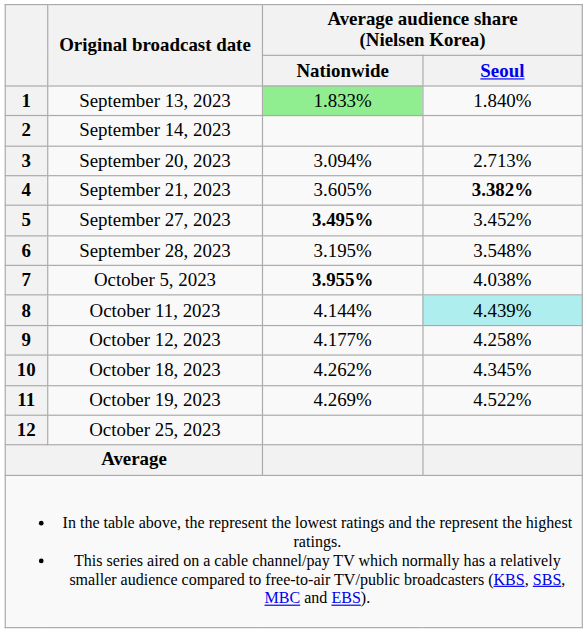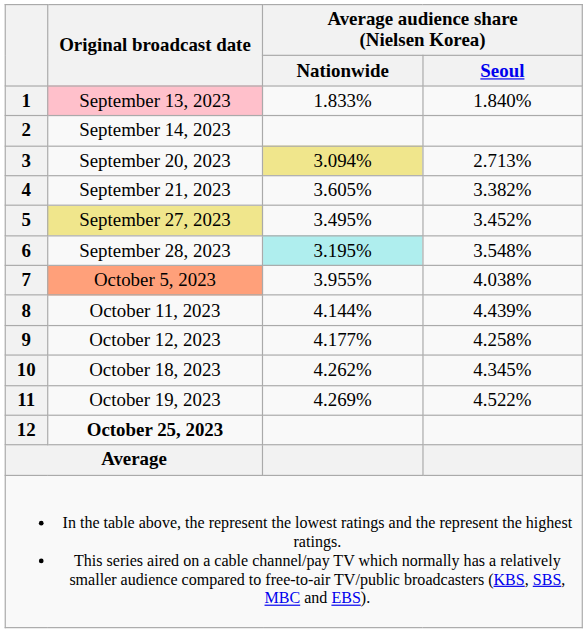 <table class="wikitable" style="margin-left:auto; margin-right:auto; width:490px; text-align:center">
 <tr>
 <th scope="col" rowspan="2"></th>
 <th scope="col" rowspan="2">Original broadcast date</th>
 <th scope="col" colspan="2">Average audience share<br>(Nielsen Korea)</th>
 </tr>
 <tr>
 <th scope="col" style="width:8em">Nationwide</th>
 <th scope="col" style="width:8em"><a href='#'>Seoul</a></th>
 </tr>
 <tr>
 <th scope="row">1</th>
-<td>September 13, 2023</td>
-<td style="background: lightgreen;">1.833% </td>
+<td style="background: pink;">September 13, 2023</td>
+<td>1.833% </td>
 <td>1.840% </td>
 </tr>
 <tr>
 <th scope="row">2</th>
 <td>September 14, 2023</td>
 <td><strong></strong> </td>
 <td><strong></strong> </td>
 </tr>
 <tr>
 <th scope="row">3</th>
 <td>September 20, 2023</td>
-<td>3.094% </td>
+<td style="background: khaki;">3.094% </td>
 <td>2.713% </td>
 </tr>
 <tr>
 <th scope="row">4</th>
 <td>September 21, 2023</td>
 <td>3.605% </td>
-<td><strong>3.382% </strong></td>
+<td>3.382% </td>
 </tr>
 <tr>
 <th scope="row">5</th>
-<td>September 27, 2023</td>
-<td><strong>3.495% </strong></td>
+<td style="background: khaki;">September 27, 2023</td>
+<td>3.495% </td>
 <td>3.452% </td>
 </tr>
 <tr>
 <th scope="row">6</th>
 <td>September 28, 2023</td>
-<td>3.195% </td>
+<td style="background: paleturquoise;">3.195% </td>
 <td>3.548% </td>
 </tr>
 <tr>
 <th scope="row">7</th>
-<td>October 5, 2023</td>
-<td><strong>3.955% </strong></td>
+<td style="background: lightsalmon;">October 5, 2023</td>
+<td>3.955% </td>
 <td>4.038% </td>
 </tr>
 <tr>
 <th scope="row">8</th>
 <td>October 11, 2023</td>
 <td>4.144% </td>
-<td style="background: paleturquoise;">4.439% </td>
+<td>4.439% </td>
 </tr>
 <tr>
 <th scope="row">9</th>
 <td>October 12, 2023</td>
 <td>4.177% </td>
 <td>4.258% </td>
 </tr>
 <tr>
 <th scope="row">10</th>
 <td>October 18, 2023</td>
 <td>4.262% </td>
 <td>4.345% </td>
 </tr>
 <tr>
 <th scope="row">11</th>
 <td>October 19, 2023</td>
 <td>4.269% </td>
 <td>4.522% </td>
 </tr>
 <tr>
 <th scope="row">12</th>
-<td>October 25, 2023</td>
+<td><strong>October 25, 2023</strong></td>
 <td><strong></strong> </td>
 <td><strong></strong> </td>
 </tr>
 <tr>
 <th colspan="2">Average</th>
 <th></th>
 <th></th>
 </tr>
 <tr>
 <td colspan="4" style="font-size:85%"><br><ul><li>In the table above, the <strong></strong> represent the lowest ratings and the <strong></strong> represent the highest ratings.</li><li>This series aired on a cable channel/pay TV which normally has a relatively smaller audience compared to free-to-air TV/public broadcasters (<a href='#'>KBS</a>, <a href='#'>SBS</a>, <a href='#'>MBC</a> and <a href='#'>EBS</a>).</li></ul></td>
 </tr>
 </table>
